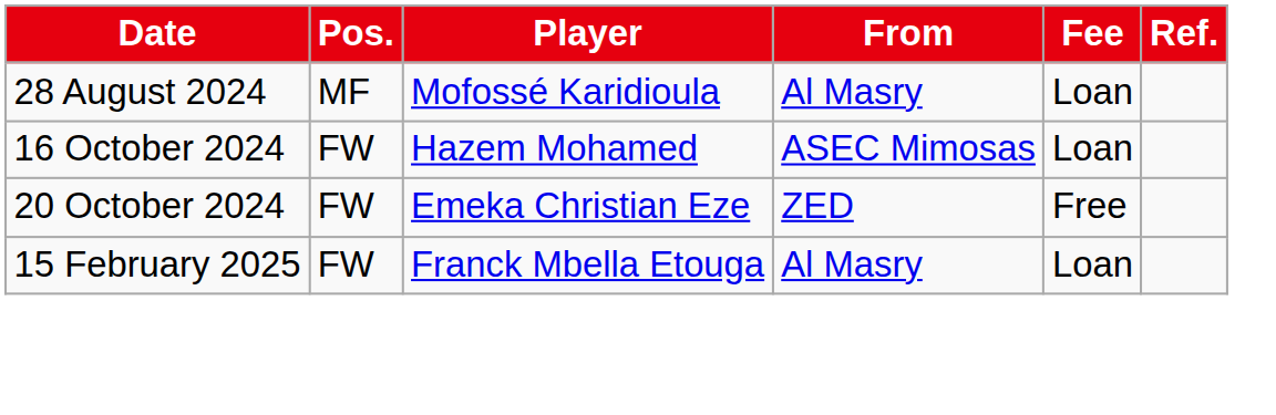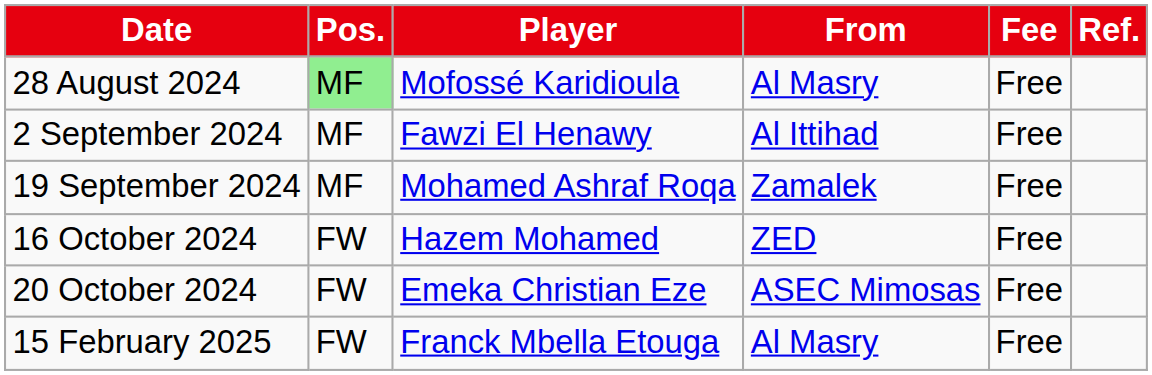 <table class="wikitable plainrowheaders sortable">
 <tr>
 <th style="background:#e6000f; color:#ffffff; ">Date</th>
 <th style="background:#e6000f; color:#ffffff; ">Pos.</th>
 <th style="background:#e6000f; color:#ffffff; ">Player</th>
 <th style="background:#e6000f; color:#ffffff; ">From</th>
 <th style="background:#e6000f; color:#ffffff; ">Fee</th>
 <th style="background:#e6000f; color:#ffffff; ">Ref.</th>
 </tr>
 <tr>
 <td>28 August 2024</td>
-<td>MF</td>
+<td style="background: lightgreen;">MF</td>
 <td> <a href='#'>Mofossé Karidioula</a></td>
 <td> <a href='#'>Al Masry</a></td>
-<td>Loan</td>
+<td>Free</td>
+<td></td>
+</tr>
+<tr>
+<td>2 September 2024</td>
+<td>MF</td>
+<td> <a href='#'>Fawzi El Henawy</a></td>
+<td> <a href='#'>Al Ittihad</a></td>
+<td>Free</td>
+<td></td>
+</tr>
+<tr>
+<td>19 September 2024</td>
+<td>MF</td>
+<td> <a href='#'>Mohamed Ashraf Roqa</a></td>
+<td> <a href='#'>Zamalek</a></td>
+<td>Free</td>
 <td></td>
 </tr>
 <tr>
 <td>16 October 2024</td>
 <td>FW</td>
 <td> <a href='#'>Hazem Mohamed</a></td>
-<td> <a href='#'>ASEC Mimosas</a></td>
-<td>Loan</td>
+<td> <a href='#'>ZED</a></td>
+<td>Free</td>
 <td></td>
 </tr>
 <tr>
 <td>20 October 2024</td>
 <td>FW</td>
 <td> <a href='#'>Emeka Christian Eze</a></td>
-<td> <a href='#'>ZED</a></td>
+<td> <a href='#'>ASEC Mimosas</a></td>
 <td>Free</td>
 <td></td>
 </tr>
 <tr>
 <td>15 February 2025</td>
 <td>FW</td>
 <td> <a href='#'>Franck Mbella Etouga</a></td>
 <td> <a href='#'>Al Masry</a></td>
-<td>Loan</td>
+<td>Free</td>
 <td></td>
 </tr>
 </table>
